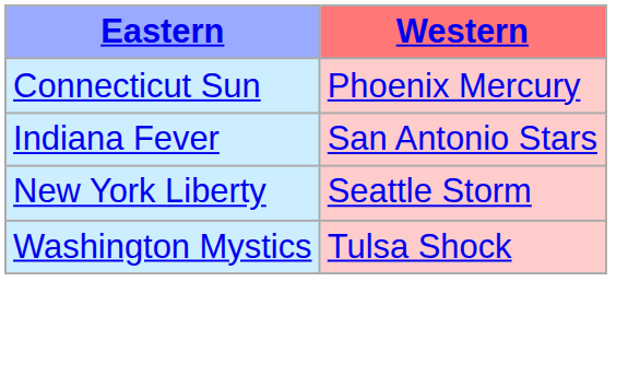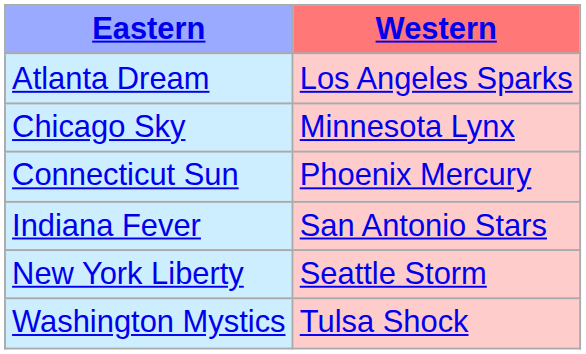 <table class="wikitable">
 <tr>
 <th style="background-color: #9AF;"><a href='#'>Eastern</a></th>
 <th style="background-color: #F77;"><a href='#'>Western</a></th>
+</tr>
+<tr>
+<td style="background-color: #CEF;"><a href='#'>Atlanta Dream</a></td>
+<td style="background-color: #FCC;"><a href='#'>Los Angeles Sparks</a></td>
+</tr>
+<tr>
+<td style="background-color: #CEF;"><a href='#'>Chicago Sky</a></td>
+<td style="background-color: #FCC;"><a href='#'>Minnesota Lynx</a></td>
 </tr>
 <tr>
 <td style="background-color: #CEF;"><a href='#'>Connecticut Sun</a></td>
 <td style="background-color: #FCC;"><a href='#'>Phoenix Mercury</a></td>
 </tr>
 <tr>
 <td style="background-color: #CEF;"><a href='#'>Indiana Fever</a></td>
 <td style="background-color: #FCC;"><a href='#'>San Antonio Stars</a></td>
 </tr>
 <tr>
 <td style="background-color: #CEF;"><a href='#'>New York Liberty</a></td>
 <td style="background-color: #FCC;"><a href='#'>Seattle Storm</a></td>
 </tr>
 <tr>
 <td style="background-color: #CEF;"><a href='#'>Washington Mystics</a></td>
 <td style="background-color: #FCC;"><a href='#'>Tulsa Shock</a></td>
 </tr>
 </table>
